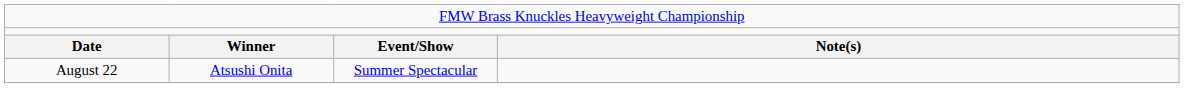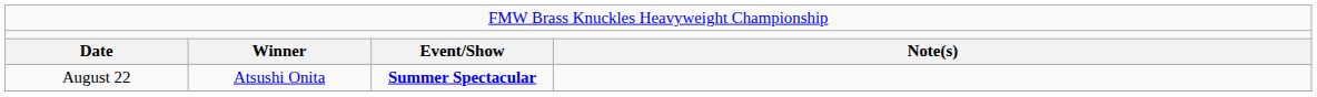 <table class="wikitable" style="text-align:center; width:100%;">
 <tr>
 <td colspan="5"><a href='#'>FMW Brass Knuckles Heavyweight Championship</a></td>
 </tr>
 <tr>
 <td colspan="5"><strong></strong></td>
 </tr>
 <tr>
 <th width="14%">Date</th>
 <th width="14%">Winner</th>
 <th width="14%">Event/Show</th>
 <th width="58%">Note(s)</th>
 </tr>
 <tr>
 <td>August 22</td>
 <td><a href='#'>Atsushi Onita</a></td>
-<td><a href='#'>Summer Spectacular</a></td>
+<td><strong><a href='#'>Summer Spectacular</a></strong></td>
 <td align="left"></td>
 </tr>
 <tr>
 </tr>
 </table>
